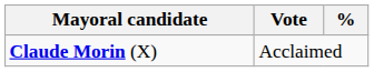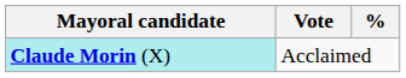 <table class="wikitable">
 <tr>
 <th bgcolor="#DDDDFF" width="200px">Mayoral candidate</th>
 <th bgcolor="#DDDDFF" width="50px">Vote</th>
 <th bgcolor="#DDDDFF"  width="30px">%</th>
 </tr>
 <tr>
-<td><strong><a href='#'>Claude Morin</a></strong> (X)</td>
+<td style="background: paleturquoise;"><strong><a href='#'>Claude Morin</a></strong> (X)</td>
 <td colspan="2">Acclaimed</td>
 </tr>
 </table>
